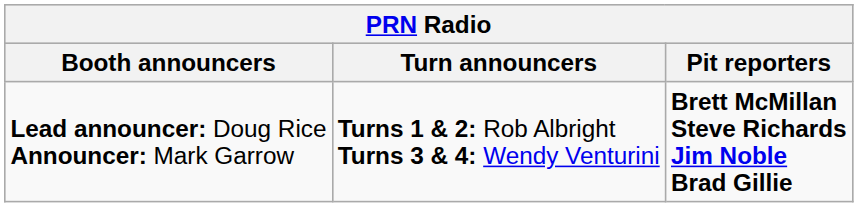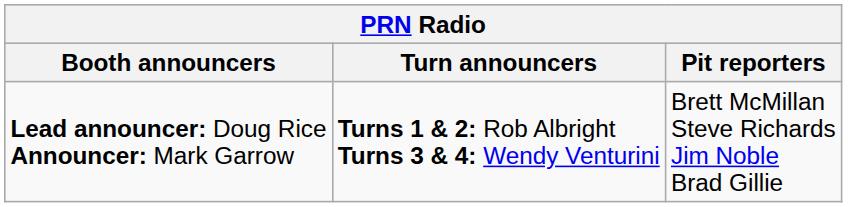 <table class="wikitable" style="font-size: 95%;">
 <tr>
 <th colspan="3"><a href='#'>PRN</a> Radio</th>
 </tr>
 <tr>
 <th>Booth announcers</th>
 <th>Turn announcers</th>
 <th>Pit reporters</th>
 </tr>
 <tr>
 <td><strong>Lead announcer:</strong> Doug Rice<br><strong>Announcer:</strong> Mark Garrow</td>
 <td><strong>Turns 1 & 2:</strong> Rob Albright<br><strong>Turns 3 & 4:</strong> <a href='#'>Wendy Venturini</a></td>
-<td><strong>Brett McMillan<br>Steve Richards<br><a href='#'>Jim Noble</a><br>Brad Gillie</strong></td>
+<td>Brett McMillan<br>Steve Richards<br><a href='#'>Jim Noble</a><br>Brad Gillie</td>
 </tr>
 </table>
